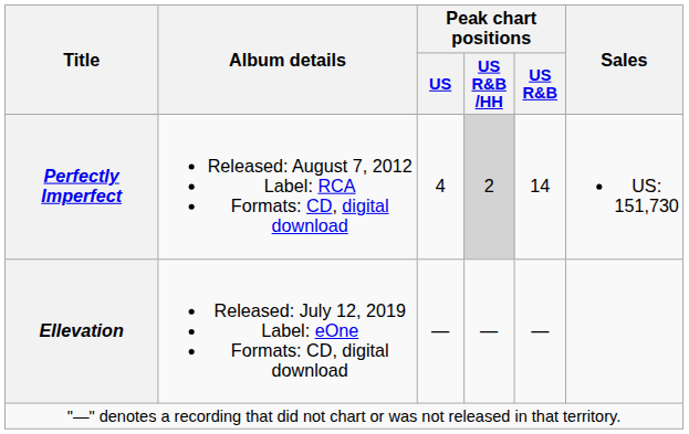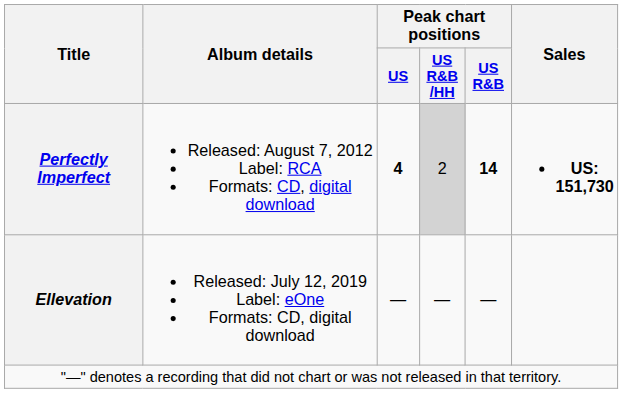 <table class="wikitable plainrowheaders" style="text-align:center;">
 <tr>
 <th scope="col" rowspan="2" style="width:10em;">Title</th>
 <th scope="col" rowspan="2" style="width:18em;">Album details</th>
 <th scope="col" colspan="3">Peak chart positions</th>
 <th rowspan="2">Sales</th>
 </tr>
 <tr>
 <th scope="col" style="width:3em;font-size:90%;"><a href='#'>US</a><br></th>
 <th scope="col" style="width:3em;font-size:90%;"><a href='#'>US<br>R&B<br>/HH</a><br></th>
 <th scope="col" style="width:3em;font-size:90%;"><a href='#'>US<br>R&B</a><br></th>
 </tr>
 <tr>
 <th scope="row"><em><a href='#'>Perfectly Imperfect</a></em></th>
 <td><br><ul><li>Released: August 7, 2012</li><li>Label: <a href='#'>RCA</a></li><li>Formats: <a href='#'>CD</a>, <a href='#'>digital download</a></li></ul></td>
-<td>4</td>
+<td><strong>4</strong></td>
 <td style="background: lightgrey;">2</td>
-<td>14</td>
-<td><br><ul><li>US: 151,730</li></ul></td>
+<td><strong>14</strong></td>
+<td><strong><br><ul><li>US: 151,730</li></ul></strong></td>
 </tr>
 <tr>
 <th scope="row"><em>Ellevation</em></th>
 <td><br><ul><li>Released: July 12, 2019</li><li>Label: <a href='#'>eOne</a></li><li>Formats: CD, digital download</li></ul></td>
 <td>—</td>
 <td>—</td>
 <td>—</td>
 <td></td>
 </tr>
 <tr>
 <td colspan="10" style="font-size:90%">"—" denotes a recording that did not chart or was not released in that territory.</td>
 </tr>
 </table>
